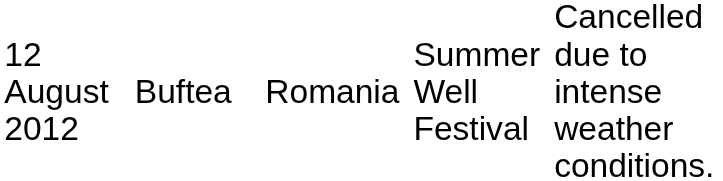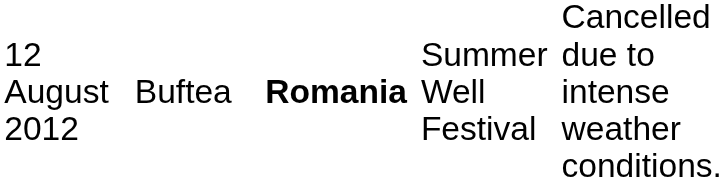 <table cellpadding="2" style="border:0 solid darkgrey; font-size:90%">
 <tr>
 <th style="width:50px;"></th>
 <th style="width:50px;"></th>
 <th style="width:50px;"></th>
 <th style="width:50px;"></th>
 <th style="width:50px;"></th>
 </tr>
 <tr border="0">
 </tr>
 <tr>
 <td>12 August 2012</td>
 <td>Buftea</td>
-<td>Romania</td>
+<td><strong>Romania</strong></td>
 <td>Summer Well Festival</td>
 <td>Cancelled due to intense weather conditions.</td>
 </tr>
 </table>
